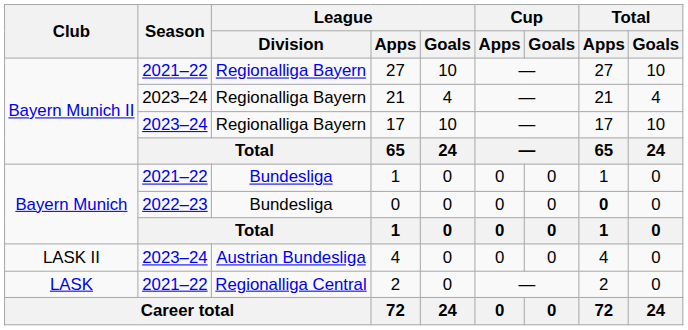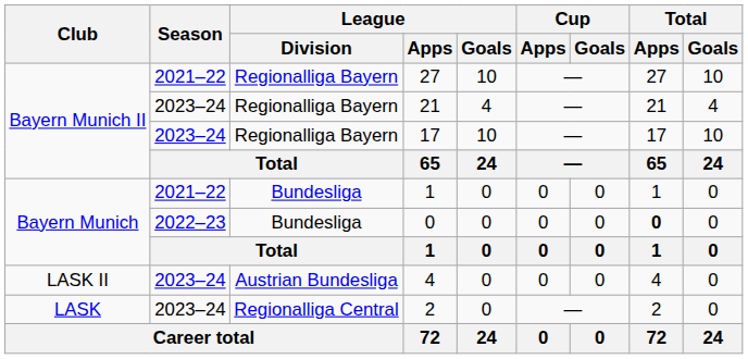 <table class="wikitable" style="text-align:center">
 <tr>
 <th rowspan="2">Club</th>
 <th rowspan="2">Season</th>
 <th colspan="3">League</th>
 <th colspan="2">Cup</th>
 <th colspan="2">Total</th>
 </tr>
 <tr>
 <th>Division</th>
 <th>Apps</th>
 <th>Goals</th>
 <th>Apps</th>
 <th>Goals</th>
 <th>Apps</th>
 <th>Goals</th>
 </tr>
 <tr>
 <td rowspan="4"><a href='#'>Bayern Munich II</a></td>
 <td><a href='#'>2021–22</a></td>
 <td><a href='#'>Regionalliga Bayern</a></td>
 <td>27</td>
 <td>10</td>
 <td colspan="2">—</td>
 <td>27</td>
 <td>10</td>
 </tr>
 <tr>
 <td>2023–24</td>
 <td>Regionalliga Bayern</td>
 <td>21</td>
 <td>4</td>
 <td colspan="2">—</td>
 <td>21</td>
 <td>4</td>
 </tr>
 <tr>
 <td><a href='#'>2023–24</a></td>
 <td>Regionalliga Bayern</td>
 <td>17</td>
 <td>10</td>
 <td colspan="2">—</td>
 <td>17</td>
 <td>10</td>
 </tr>
 <tr>
 <th colspan="2">Total</th>
 <th>65</th>
 <th>24</th>
 <th colspan="2">—</th>
 <th>65</th>
 <th>24</th>
 </tr>
 <tr>
 <td rowspan="3"><a href='#'>Bayern Munich</a></td>
 <td><a href='#'>2021–22</a></td>
 <td><a href='#'>Bundesliga</a></td>
 <td>1</td>
 <td>0</td>
 <td>0</td>
 <td>0</td>
 <td>1</td>
 <td>0</td>
 </tr>
 <tr>
 <td><a href='#'>2022–23</a></td>
 <td>Bundesliga</td>
 <td>0</td>
 <td>0</td>
 <td>0</td>
 <td>0</td>
 <td><strong>0</strong></td>
 <td>0</td>
 </tr>
 <tr>
 <th colspan="2">Total</th>
 <th>1</th>
 <th>0</th>
 <th>0</th>
 <th>0</th>
 <th>1</th>
 <th>0</th>
 </tr>
 <tr>
 <td>LASK II</td>
 <td><a href='#'>2023–24</a></td>
 <td><a href='#'>Austrian Bundesliga</a></td>
 <td>4</td>
 <td>0</td>
 <td>0</td>
 <td>0</td>
 <td>4</td>
 <td>0</td>
 </tr>
 <tr>
 <td><a href='#'>LASK</a></td>
-<td><a href='#'>2021–22</a></td>
+<td>2023–24</td>
 <td><a href='#'>Regionalliga Central</a></td>
 <td>2</td>
 <td>0</td>
 <td colspan="2">—</td>
 <td>2</td>
 <td>0</td>
 </tr>
 <tr>
 <th colspan="3">Career total</th>
 <th>72</th>
 <th>24</th>
 <th>0</th>
 <th>0</th>
 <th>72</th>
 <th>24</th>
 </tr>
 </table>
